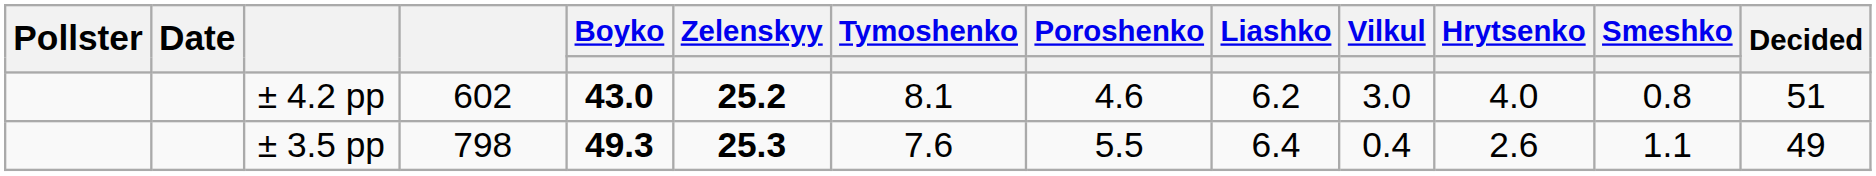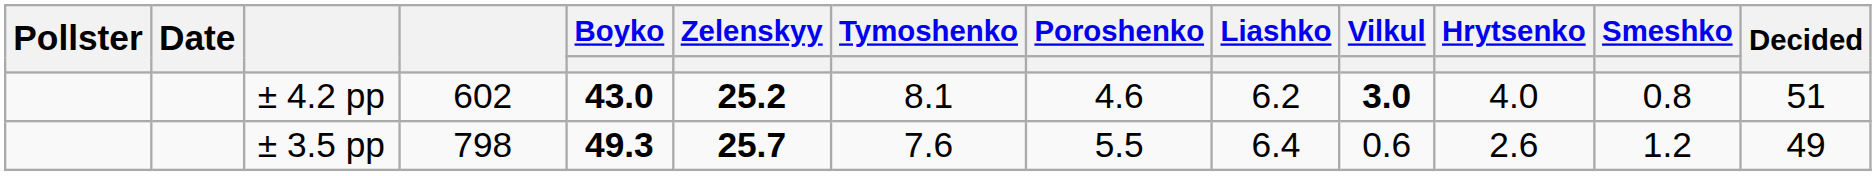 <table class="wikitable" style="text-align:center;font-size:95%;line-height:14px;">
 <tr>
 <th rowspan=2>Pollster</th>
 <th rowspan=2>Date</th>
 <th style="width:60px;" class=unsortable rowspan=2></th>
 <th style="width:65px;" class=unsortable rowspan=2></th>
 <th> <small><a href='#'>Boyko</a></small><br></th>
 <th><small><a href='#'>Zelenskyy</a></small><br></th>
 <th><small><a href='#'>Tymoshenko</a></small><br></th>
 <th> <small><a href='#'>Poroshenko</a></small><br></th>
 <th><small><a href='#'>Liashko</a></small><br></th>
 <th><small><a href='#'>Vilkul</a></small><br></th>
 <th><small><a href='#'>Hrytsenko</a></small><br></th>
 <th><small><a href='#'>Smeshko</a></small><br></th>
 <th rowspan=2><small>Decided</small></th>
 </tr>
 <tr>
 <th style="background:"></th>
 <th style="background:"></th>
 <th style="background:"></th>
 <th style="background:"></th>
 <th style="background:"></th>
 <th style="background:"></th>
 <th style="background:"></th>
 <th style="background:"></th>
 </tr>
 <tr>
 <td> </td>
 <td></td>
 <td>± 4.2 pp</td>
 <td>602</td>
 <td style="background-color:#"><strong>43.0</strong></td>
 <td style="background-color:#"><strong>25.2</strong></td>
 <td>8.1</td>
 <td>4.6</td>
 <td>6.2</td>
-<td>3.0</td>
+<td><strong>3.0</strong></td>
 <td>4.0</td>
 <td>0.8</td>
 <td>51</td>
 </tr>
 <tr>
 <td> </td>
 <td></td>
 <td>± 3.5 pp</td>
 <td>798</td>
 <td style="background-color:#"><strong>49.3</strong></td>
-<td style="background-color:#"><strong>25.3</strong></td>
+<td style="background-color:#"><strong>25.7</strong></td>
 <td>7.6</td>
 <td>5.5</td>
 <td>6.4</td>
-<td>0.4</td>
+<td>0.6</td>
 <td>2.6</td>
-<td>1.1</td>
+<td>1.2</td>
 <td>49</td>
 </tr>
 </table>
